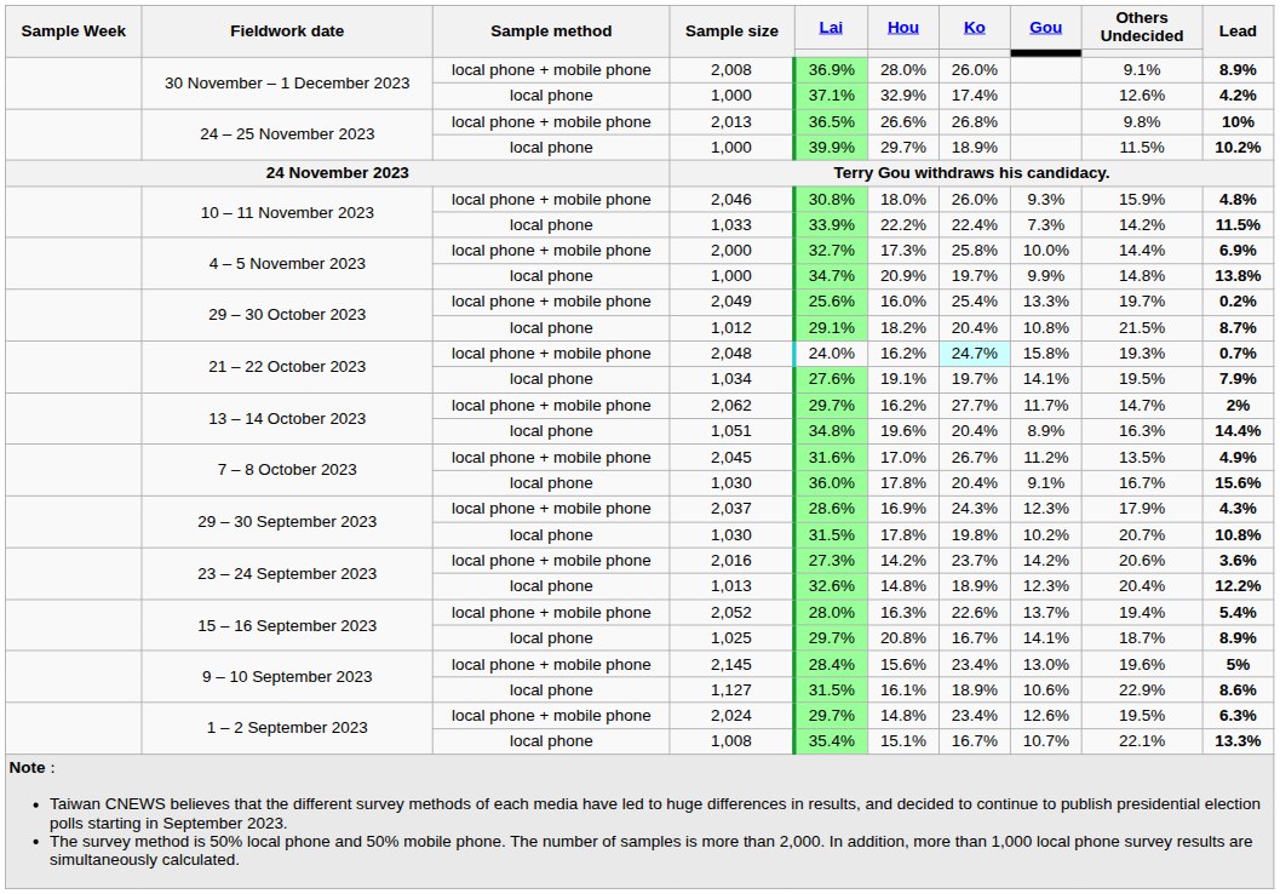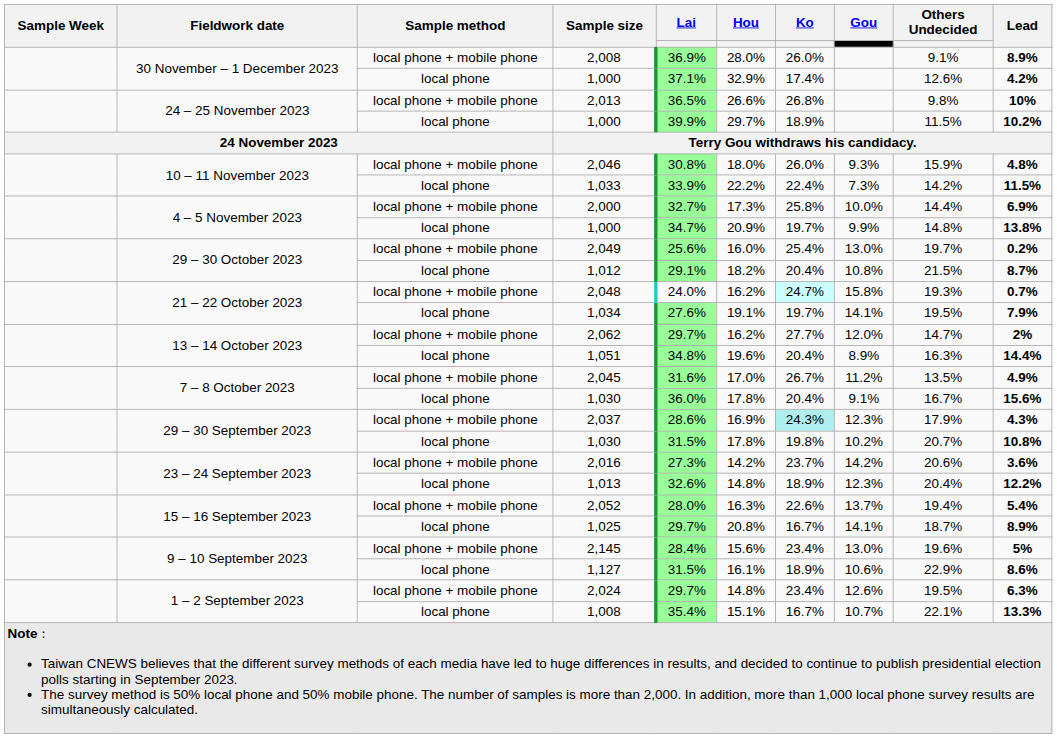 <table class="wikitable sortable collapsible" style="text-align:center;">
 <tr style="background:#e9e9e9;">
 <th rowspan="2">Sample Week</th>
 <th rowspan="2">Fieldwork date</th>
 <th rowspan="2">Sample method</th>
 <th rowspan="2">Sample size</th>
 <th><a href='#'>Lai</a><br></th>
 <th><a href='#'>Hou</a><br></th>
 <th><a href='#'>Ko</a><br></th>
 <th><a href='#'>Gou</a><br></th>
 <th>Others<br>Undecided</th>
 <th rowspan="2">Lead</th>
 </tr>
 <tr>
 <th style="background:"></th>
 <th style="background:"></th>
 <th style="background:"></th>
 <th style="background:#000000"></th>
 <th style="background:"></th>
 </tr>
 <tr>
 <td rowspan="2"></td>
 <td rowspan="2">30 November – 1 December 2023</td>
 <td>local phone + mobile phone</td>
 <td>2,008</td>
 <td style="background-color:#99FF99; border-left:4px solid #1B9431;">36.9%</td>
 <td>28.0%</td>
 <td>26.0%</td>
 <td></td>
 <td>9.1%</td>
 <td style="background:"><strong>8.9%</strong></td>
 </tr>
 <tr>
 <td>local phone</td>
 <td>1,000</td>
 <td style="background-color:#99FF99; border-left:4px solid #1B9431;">37.1%</td>
 <td>32.9%</td>
 <td>17.4%</td>
 <td></td>
 <td>12.6%</td>
 <td style="background:"><strong>4.2%</strong></td>
 </tr>
 <tr>
 <td rowspan="2"></td>
 <td rowspan="2">24 – 25 November 2023</td>
 <td>local phone + mobile phone</td>
 <td>2,013</td>
 <td style="background-color:#99FF99; border-left:4px solid #1B9431;">36.5%</td>
 <td>26.6%</td>
 <td>26.8%</td>
 <td></td>
 <td>9.8%</td>
 <td style="background:"><strong>10%</strong></td>
 </tr>
 <tr>
 <td>local phone</td>
 <td>1,000</td>
 <td style="background-color:#99FF99; border-left:4px solid #1B9431;">39.9%</td>
 <td>29.7%</td>
 <td>18.9%</td>
 <td></td>
 <td>11.5%</td>
 <td style="background:"><strong>10.2%</strong></td>
 </tr>
 <tr>
 <th colspan="3">24 November 2023</th>
 <th colspan="7">Terry Gou withdraws his candidacy.</th>
 </tr>
 <tr>
 <td rowspan="2"></td>
 <td rowspan="2">10 – 11 November 2023</td>
 <td>local phone + mobile phone</td>
 <td>2,046</td>
 <td style="background-color:#99FF99; border-left:4px solid #1B9431;">30.8%</td>
 <td>18.0%</td>
 <td>26.0%</td>
 <td>9.3%</td>
 <td>15.9%</td>
 <td style="background:"><strong>4.8%</strong></td>
 </tr>
 <tr>
 <td>local phone</td>
 <td>1,033</td>
 <td style="background-color:#99FF99; border-left:4px solid #1B9431;">33.9%</td>
 <td>22.2%</td>
 <td>22.4%</td>
 <td>7.3%</td>
 <td>14.2%</td>
 <td style="background:"><strong>11.5%</strong></td>
 </tr>
 <tr>
 <td rowspan="2"></td>
 <td rowspan="2">4 – 5 November 2023</td>
 <td>local phone + mobile phone</td>
 <td>2,000</td>
 <td style="background-color:#99FF99; border-left:4px solid #1B9431;">32.7%</td>
 <td>17.3%</td>
 <td>25.8%</td>
 <td>10.0%</td>
 <td>14.4%</td>
 <td style="background:"><strong>6.9%</strong></td>
 </tr>
 <tr>
 <td>local phone</td>
 <td>1,000</td>
 <td style="background-color:#99FF99; border-left:4px solid #1B9431;">34.7%</td>
 <td>20.9%</td>
 <td>19.7%</td>
 <td>9.9%</td>
 <td>14.8%</td>
 <td style="background:"><strong>13.8%</strong></td>
 </tr>
 <tr>
 <td rowspan="2"></td>
 <td rowspan="2">29 – 30 October 2023</td>
 <td>local phone + mobile phone</td>
 <td>2,049</td>
 <td style="background-color:#99FF99; border-left:4px solid #1B9431;">25.6%</td>
 <td>16.0%</td>
 <td>25.4%</td>
-<td>13.3%</td>
+<td>13.0%</td>
 <td>19.7%</td>
 <td style="background:"><strong>0.2%</strong></td>
 </tr>
 <tr>
 <td>local phone</td>
 <td>1,012</td>
 <td style="background-color:#99FF99; border-left:4px solid #1B9431;">29.1%</td>
 <td>18.2%</td>
 <td>20.4%</td>
 <td>10.8%</td>
 <td>21.5%</td>
 <td style="background:"><strong>8.7%</strong></td>
 </tr>
 <tr>
 <td rowspan="2"></td>
 <td rowspan="2">21 – 22 October 2023</td>
 <td>local phone + mobile phone</td>
 <td>2,048</td>
 <td style="border-left:4px solid #23C9C9;">24.0%</td>
 <td>16.2%</td>
 <td style="background-color:#ccffff;">24.7%</td>
 <td>15.8%</td>
 <td>19.3%</td>
 <td style="background:"><strong>0.7%</strong></td>
 </tr>
 <tr>
 <td>local phone</td>
 <td>1,034</td>
 <td style="background-color:#99FF99; border-left:4px solid #1B9431;">27.6%</td>
 <td>19.1%</td>
 <td>19.7%</td>
 <td>14.1%</td>
 <td>19.5%</td>
 <td style="background:"><strong>7.9%</strong></td>
 </tr>
 <tr>
 <td rowspan="2"></td>
 <td rowspan="2">13 – 14 October 2023</td>
 <td>local phone + mobile phone</td>
 <td>2,062</td>
 <td style="background-color:#99FF99; border-left:4px solid #1B9431;">29.7%</td>
 <td>16.2%</td>
 <td>27.7%</td>
-<td>11.7%</td>
+<td>12.0%</td>
 <td>14.7%</td>
 <td style="background:"><strong>2%</strong></td>
 </tr>
 <tr>
 <td>local phone</td>
 <td>1,051</td>
 <td style="background-color:#99FF99; border-left:4px solid #1B9431;">34.8%</td>
 <td>19.6%</td>
 <td>20.4%</td>
 <td>8.9%</td>
 <td>16.3%</td>
 <td style="background:"><strong>14.4%</strong></td>
 </tr>
 <tr>
 <td rowspan="2"></td>
 <td rowspan="2">7 – 8 October 2023</td>
 <td>local phone + mobile phone</td>
 <td>2,045</td>
 <td style="background-color:#99FF99; border-left:4px solid #1B9431;">31.6%</td>
 <td>17.0%</td>
 <td>26.7%</td>
 <td>11.2%</td>
 <td>13.5%</td>
 <td style="background:"><strong>4.9%</strong></td>
 </tr>
 <tr>
 <td>local phone</td>
 <td>1,030</td>
 <td style="background-color:#99FF99; border-left:4px solid #1B9431;">36.0%</td>
 <td>17.8%</td>
 <td>20.4%</td>
 <td>9.1%</td>
 <td>16.7%</td>
 <td style="background:"><strong>15.6%</strong></td>
 </tr>
 <tr>
 <td rowspan="2"></td>
 <td rowspan="2">29 – 30 September 2023</td>
 <td>local phone + mobile phone</td>
 <td>2,037</td>
 <td style="background-color:#99FF99; border-left:4px solid #1B9431;">28.6%</td>
 <td>16.9%</td>
-<td>24.3%</td>
+<td style="background: paleturquoise;">24.3%</td>
 <td>12.3%</td>
 <td>17.9%</td>
 <td style="background:"><strong>4.3%</strong></td>
 </tr>
 <tr>
 <td>local phone</td>
 <td>1,030</td>
 <td style="background-color:#99FF99; border-left:4px solid #1B9431;">31.5%</td>
 <td>17.8%</td>
 <td>19.8%</td>
 <td>10.2%</td>
 <td>20.7%</td>
 <td style="background:"><strong>10.8%</strong></td>
 </tr>
 <tr>
 <td rowspan="2"></td>
 <td rowspan="2">23 – 24 September 2023</td>
 <td>local phone + mobile phone</td>
 <td>2,016</td>
 <td style="background-color:#99FF99; border-left:4px solid #1B9431;">27.3%</td>
 <td>14.2%</td>
 <td>23.7%</td>
 <td>14.2%</td>
 <td>20.6%</td>
 <td style="background:"><strong>3.6%</strong></td>
 </tr>
 <tr>
 <td>local phone</td>
 <td>1,013</td>
 <td style="background-color:#99FF99; border-left:4px solid #1B9431;">32.6%</td>
 <td>14.8%</td>
 <td>18.9%</td>
 <td>12.3%</td>
 <td>20.4%</td>
 <td style="background:"><strong>12.2%</strong></td>
 </tr>
 <tr>
 <td rowspan="2"><br></td>
 <td rowspan="2">15 – 16 September 2023</td>
 <td>local phone + mobile phone</td>
 <td>2,052</td>
 <td style="background-color:#99FF99; border-left:4px solid #1B9431;">28.0%</td>
 <td>16.3%</td>
 <td>22.6%</td>
 <td>13.7%</td>
 <td>19.4%</td>
 <td style="background:"><strong>5.4%</strong></td>
 </tr>
 <tr>
 <td>local phone</td>
 <td>1,025</td>
 <td style="background-color:#99FF99; border-left:4px solid #1B9431;">29.7%</td>
 <td>20.8%</td>
 <td>16.7%</td>
 <td>14.1%</td>
 <td>18.7%</td>
 <td style="background:"><strong>8.9%</strong></td>
 </tr>
 <tr>
 <td rowspan="2"></td>
 <td rowspan="2">9 – 10 September 2023</td>
 <td>local phone + mobile phone</td>
 <td>2,145</td>
 <td style="background-color:#99FF99; border-left:4px solid #1B9431;">28.4%</td>
 <td>15.6%</td>
 <td>23.4%</td>
 <td>13.0%</td>
 <td>19.6%</td>
 <td style="background:"><strong>5%</strong></td>
 </tr>
 <tr>
 <td>local phone</td>
 <td>1,127</td>
 <td style="background-color:#99FF99; border-left:4px solid #1B9431;">31.5%</td>
 <td>16.1%</td>
 <td>18.9%</td>
 <td>10.6%</td>
 <td>22.9%</td>
 <td style="background:"><strong>8.6%</strong></td>
 </tr>
 <tr>
 <td rowspan="2"></td>
 <td rowspan="2">1 – 2 September 2023</td>
 <td>local phone + mobile phone</td>
 <td>2,024</td>
 <td style="background-color:#99FF99; border-left:4px solid #1B9431;">29.7%</td>
 <td>14.8%</td>
 <td>23.4%</td>
 <td>12.6%</td>
 <td>19.5%</td>
 <td style="background:"><strong>6.3%</strong></td>
 </tr>
 <tr>
 <td>local phone</td>
 <td>1,008</td>
 <td style="background-color:#99FF99; border-left:4px solid #1B9431;">35.4%</td>
 <td>15.1%</td>
 <td>16.7%</td>
 <td>10.7%</td>
 <td>22.1%</td>
 <td style="background:"><strong>13.3%</strong></td>
 </tr>
 <tr>
 <td colspan="10" style="background-color:#E9E9E9;" align=left style="font-size:small;"><strong>Note</strong>：<br><ul><li>Taiwan CNEWS believes that the different survey methods of each media have led to huge differences in results, and decided to continue to publish presidential election polls starting in September 2023.</li><li>The survey method is 50% local phone and 50% mobile phone. The number of samples is more than 2,000. In addition, more than 1,000 local phone survey results are simultaneously calculated.</li></ul></td>
 </tr>
 </table>
